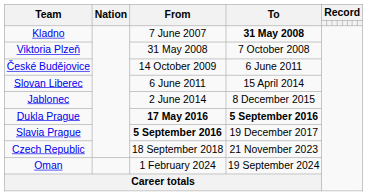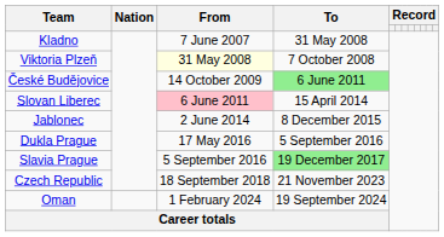 <table class="wikitable" style="text-align: center">
 <tr>
 <th rowspan=2>Team</th>
 <th rowspan=2>Nation</th>
 <th rowspan=2>From</th>
 <th rowspan=2>To</th>
 <th colspan=8>Record</th>
 </tr>
 <tr>
 <th></th>
 <th></th>
 <th></th>
 <th></th>
 <th></th>
 <th></th>
 <th></th>
 <th></th>
 </tr>
 <tr>
 <td><a href='#'>Kladno</a></td>
 <td rowspan=8></td>
 <td>7 June 2007</td>
-<td><strong>31 May 2008<br></strong></td>
+<td>31 May 2008<br></td>
 </tr>
 <tr>
 <td><a href='#'>Viktoria Plzeň</a></td>
-<td>31 May 2008</td>
+<td style="background: lightyellow;">31 May 2008</td>
 <td>7 October 2008<br></td>
 </tr>
 <tr>
 <td><a href='#'>České Budějovice</a></td>
 <td>14 October 2009</td>
-<td>6 June 2011<br></td>
+<td style="background: lightgreen;">6 June 2011<br></td>
 </tr>
 <tr>
 <td><a href='#'>Slovan Liberec</a></td>
-<td>6 June 2011</td>
+<td style="background: pink;">6 June 2011</td>
 <td>15 April 2014<br></td>
 </tr>
 <tr>
 <td><a href='#'>Jablonec</a></td>
 <td>2 June 2014</td>
 <td>8 December 2015<br></td>
 </tr>
 <tr>
 <td><a href='#'>Dukla Prague</a></td>
-<td><strong>17 May 2016</strong></td>
-<td><strong>5 September 2016<br></strong></td>
+<td>17 May 2016</td>
+<td>5 September 2016<br></td>
 </tr>
 <tr>
 <td><a href='#'>Slavia Prague</a></td>
-<td><strong>5 September 2016</strong></td>
-<td>19 December 2017<br></td>
+<td>5 September 2016</td>
+<td style="background: lightgreen;">19 December 2017<br></td>
 </tr>
 <tr>
 <td><a href='#'>Czech Republic</a></td>
 <td>18 September 2018</td>
 <td>21 November 2023<br></td>
 </tr>
 <tr>
 <td><a href='#'>Oman</a></td>
 <td></td>
 <td>1 February 2024</td>
 <td>19 September 2024<br></td>
 </tr>
 <tr>
 <th colspan=4>Career totals<br></th>
 </tr>
 </table>
